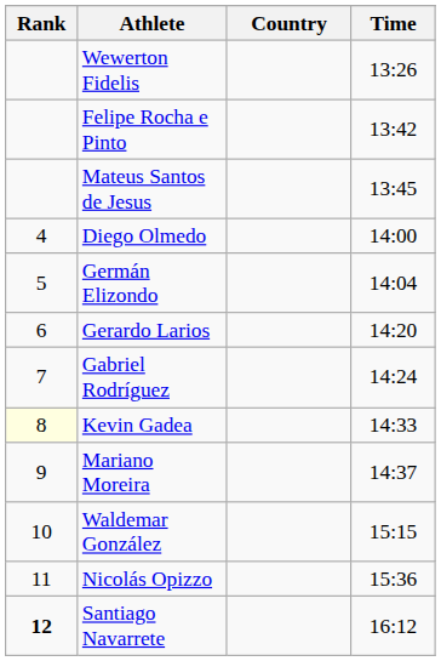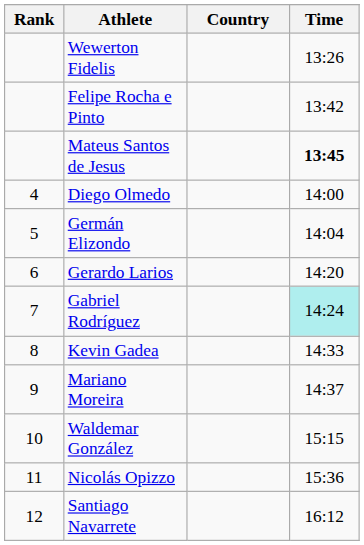 <table class="wikitable sortable" style=" text-align:center; font-size:95%;" width="50%">
 <tr>
 </tr>
 <tr>
 <th width=5%>Rank</th>
 <th width=20%>Athlete</th>
 <th width=15%>Country</th>
 <th width=10%>Time</th>
 </tr>
 <tr>
 <td align=center></td>
 <td align=left><a href='#'>Wewerton Fidelis</a></td>
 <td align=left></td>
 <td>13:26</td>
 </tr>
 <tr>
 <td align=center></td>
 <td align=left><a href='#'>Felipe Rocha e Pinto</a></td>
 <td align=left></td>
 <td>13:42</td>
 </tr>
 <tr>
 <td align=center></td>
 <td align=left><a href='#'>Mateus Santos de Jesus</a></td>
 <td align=left></td>
-<td>13:45</td>
+<td><strong>13:45</strong></td>
 </tr>
 <tr>
 <td align=center>4</td>
 <td align=left><a href='#'>Diego Olmedo</a></td>
 <td align=left></td>
 <td>14:00</td>
 </tr>
 <tr>
 <td align=center>5</td>
 <td align=left><a href='#'>Germán Elizondo</a></td>
 <td align=left></td>
 <td>14:04</td>
 </tr>
 <tr>
 <td align=center>6</td>
 <td align=left><a href='#'>Gerardo Larios</a></td>
 <td align=left></td>
 <td>14:20</td>
 </tr>
 <tr>
 <td align=center>7</td>
 <td align=left><a href='#'>Gabriel Rodríguez</a></td>
 <td align=left></td>
-<td>14:24</td>
+<td style="background: paleturquoise;">14:24</td>
 </tr>
 <tr>
-<td align=center style="background: lightyellow;">8</td>
+<td align=center>8</td>
 <td align=left><a href='#'>Kevin Gadea</a></td>
 <td align=left></td>
 <td>14:33</td>
 </tr>
 <tr>
 <td align=center>9</td>
 <td align=left><a href='#'>Mariano Moreira</a></td>
 <td align=left></td>
 <td>14:37</td>
 </tr>
 <tr>
 <td align=center>10</td>
 <td align=left><a href='#'>Waldemar González</a></td>
 <td align=left></td>
 <td>15:15</td>
 </tr>
 <tr>
 <td align=center>11</td>
 <td align=left><a href='#'>Nicolás Opizzo</a></td>
 <td align=left></td>
 <td>15:36</td>
 </tr>
 <tr>
-<td align=center><strong>12</strong></td>
+<td align=center>12</td>
 <td align=left><a href='#'>Santiago Navarrete</a></td>
 <td align=left></td>
 <td>16:12</td>
 </tr>
 </table>
